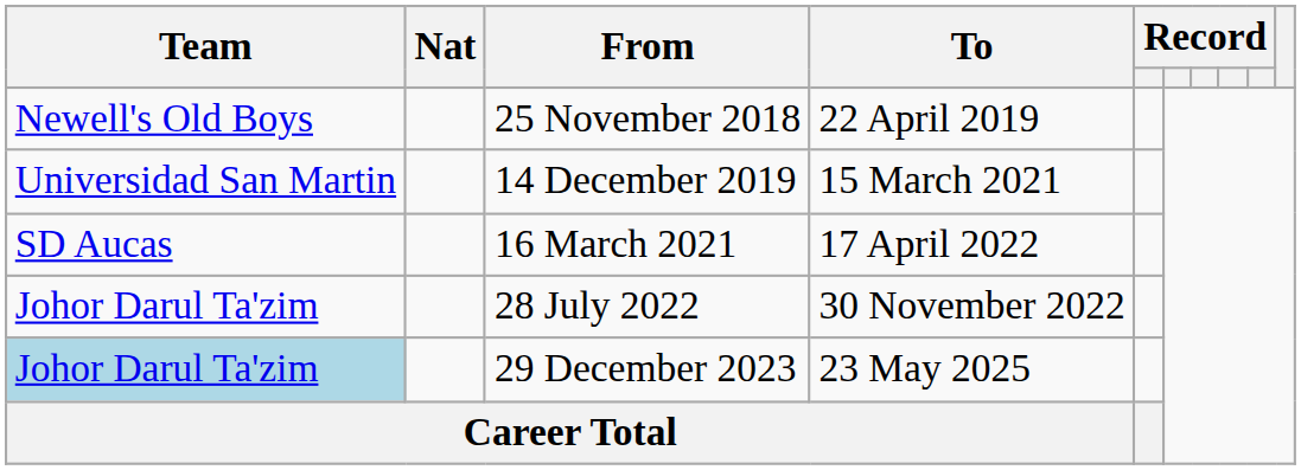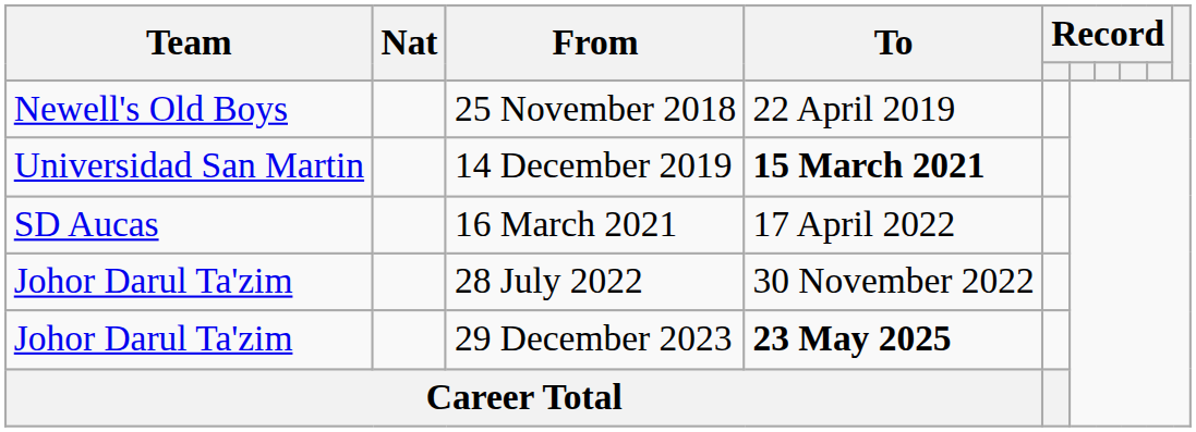 <table class="wikitable" style="text-align:center">
 <tr>
 <th rowspan="2">Team</th>
 <th rowspan="2">Nat</th>
 <th rowspan="2">From</th>
 <th rowspan="2">To</th>
 <th colspan="5">Record</th>
 <th rowspan="2"></th>
 </tr>
 <tr>
 <th></th>
 <th></th>
 <th></th>
 <th></th>
 <th></th>
 </tr>
 <tr>
 <td align="left"><a href='#'>Newell's Old Boys</a></td>
 <td></td>
 <td align="left">25 November 2018</td>
 <td align="left">22 April 2019<br></td>
 <td></td>
 </tr>
 <tr>
 <td align="left"><a href='#'>Universidad San Martin</a></td>
 <td></td>
 <td align="left">14 December 2019</td>
-<td align="left">15 March 2021<br></td>
+<td align="left"><strong>15 March 2021<br></strong></td>
 <td></td>
 </tr>
 <tr>
 <td align="left"><a href='#'>SD Aucas</a></td>
 <td></td>
 <td align="left">16 March 2021</td>
 <td align="left">17 April 2022<br></td>
 <td></td>
 </tr>
 <tr>
 <td align="left"><a href='#'>Johor Darul Ta'zim</a></td>
 <td></td>
 <td align="left">28 July 2022</td>
 <td align="left">30 November 2022<br></td>
 <td></td>
 </tr>
 <tr>
-<td align="left" style="background: lightblue;"><a href='#'>Johor Darul Ta'zim</a></td>
+<td align="left"><a href='#'>Johor Darul Ta'zim</a></td>
 <td></td>
 <td align="left">29 December 2023</td>
-<td align="left">23 May 2025<br></td>
+<td align="left"><strong>23 May 2025<br></strong></td>
 <td></td>
 </tr>
 <tr>
 <th colspan=4>Career Total<br></th>
 <th></th>
 </tr>
 </table>
